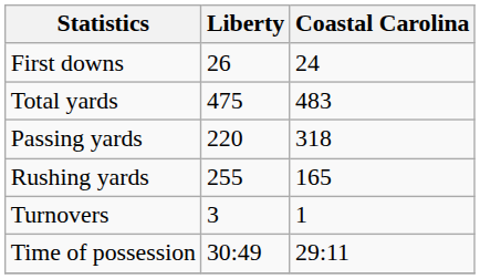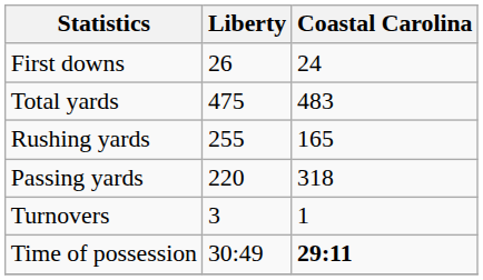 <table class="wikitable">
 <tr>
 <th>Statistics</th>
 <th>Liberty</th>
 <th>Coastal Carolina</th>
 </tr>
 <tr>
 <td>First downs</td>
 <td>26</td>
 <td>24</td>
 </tr>
 <tr>
 <td>Total yards</td>
 <td>475</td>
 <td>483</td>
 </tr>
 <tr>
+<td>Rushing yards</td>
+<td>255</td>
+<td>165</td>
+</tr>
+<tr>
 <td>Passing yards</td>
 <td>220</td>
 <td>318</td>
-</tr>
-<tr>
-<td>Rushing yards</td>
-<td>255</td>
-<td>165</td>
 </tr>
 <tr>
 <td>Turnovers</td>
 <td>3</td>
 <td>1</td>
 </tr>
 <tr>
 <td>Time of possession</td>
 <td>30:49</td>
-<td>29:11</td>
+<td><strong>29:11</strong></td>
 </tr>
 <tr>
 </tr>
 </table>
